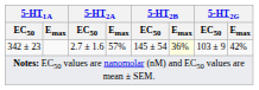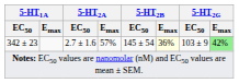 <table class="wikitable" style="font-size:small;">
 <tr>
 <th colspan="2"><a href='#'>5-HT<sub>1A</sub></a></th>
 <th colspan="2"><a href='#'>5-HT<sub>2A</sub></a></th>
 <th colspan="2"><a href='#'>5-HT<sub>2B</sub></a></th>
 <th colspan="2"><a href='#'>5-HT<sub>2C</sub></a></th>
 </tr>
 <tr>
 <th>EC<sub>50</sub></th>
 <th>E<sub>max</sub></th>
 <th>EC<sub>50</sub></th>
 <th>E<sub>max</sub></th>
 <th>EC<sub>50</sub></th>
 <th>E<sub>max</sub></th>
 <th>EC<sub>50</sub></th>
 <th>E<sub>max</sub></th>
 </tr>
 <tr>
 <td>342 ± 23</td>
 <td></td>
 <td>2.7 ± 1.6</td>
 <td>57%</td>
 <td>145 ± 54</td>
 <td style="background: lightyellow;">36%</td>
 <td>103 ± 9</td>
-<td>42%</td>
+<td style="background: lightgreen;">42%</td>
 </tr>
 <tr class="sortbottom">
 <td colspan="8" style="width: 1px; background-color:#eaecf0; text-align: center;"><strong>Notes:</strong> EC<sub>50</sub> values are <a href='#'>nanomolar</a> (nM) and EC<sub>50</sub> values are mean ± SEM.</td>
 </tr>
 </table>
